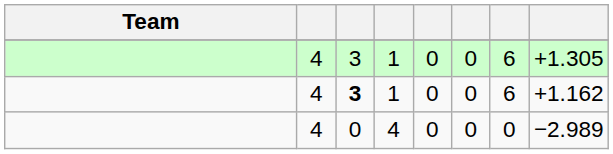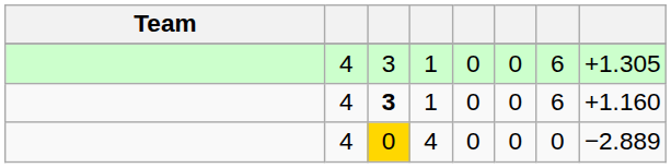 <table class="wikitable" style="text-align:center">
 <tr>
 <th width=200>Team</th>
 <th width=20></th>
 <th width=20></th>
 <th width=20></th>
 <th width=20></th>
 <th width=20></th>
 <th width=20></th>
 <th width=45></th>
 </tr>
 <tr>
 </tr>
 <tr style="background:#cfc">
 <td align="left"></td>
 <td>4</td>
 <td>3</td>
 <td>1</td>
 <td>0</td>
 <td>0</td>
 <td>6</td>
 <td>+1.305</td>
 </tr>
 <tr>
 <td align="left"></td>
 <td>4</td>
 <td><strong>3</strong></td>
 <td>1</td>
 <td>0</td>
 <td>0</td>
 <td>6</td>
-<td>+1.162</td>
+<td>+1.160</td>
 </tr>
 <tr>
 <td align="left"></td>
 <td>4</td>
-<td>0</td>
+<td style="background: gold;">0</td>
 <td>4</td>
 <td>0</td>
 <td>0</td>
 <td>0</td>
-<td>−2.989</td>
+<td>−2.889</td>
 </tr>
 </table>
